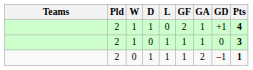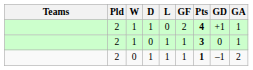 <table class="wikitable" style="text-align: center;">
 <tr>
 <th width=165>Teams</th>
 <th width=20>Pld</th>
 <th width=20>W</th>
 <th width=20>D</th>
 <th width=20>L</th>
 <th width=20>GF</th>
+<th width=20>Pts</th>
+<th width=20>GD</th>
 <th width=20>GA</th>
-<th width=20>GD</th>
-<th width=20>Pts</th>
 </tr>
 <tr align=center style="background:#ccffcc;">
 <td style="text-align:left;"></td>
 <td>2</td>
 <td>1</td>
 <td>1</td>
 <td>0</td>
 <td>2</td>
+<td><strong>4</strong></td>
+<td>+1</td>
 <td>1</td>
-<td>+1</td>
-<td><strong>4</strong></td>
 </tr>
 <tr align=center style="background:#ccffcc;">
 <td style="text-align:left;"></td>
 <td>2</td>
 <td>1</td>
 <td>0</td>
 <td>1</td>
 <td>1</td>
+<td><strong>3</strong></td>
+<td>0</td>
 <td>1</td>
-<td>0</td>
-<td><strong>3</strong></td>
 </tr>
 <tr align=center>
 <td style="text-align:left;"></td>
 <td>2</td>
 <td>0</td>
 <td>1</td>
 <td>1</td>
 <td>1</td>
+<td><strong>1</strong></td>
+<td>–1</td>
 <td>2</td>
-<td>–1</td>
-<td><strong>1</strong></td>
 </tr>
 </table>
